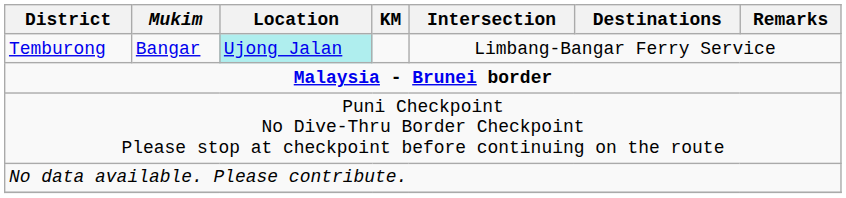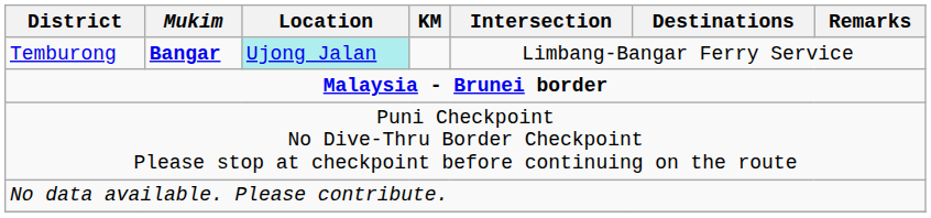 <table class="wikitable">
 <tr>
 <th>District</th>
 <th><em>Mukim</em></th>
 <th>Location</th>
 <th>KM</th>
 <th>Intersection</th>
 <th>Destinations</th>
 <th>Remarks</th>
 </tr>
 <tr>
 <td><a href='#'>Temburong</a></td>
-<td><a href='#'>Bangar</a></td>
+<td><strong><a href='#'>Bangar</a></strong></td>
 <td style="background: paleturquoise;"><a href='#'>Ujong Jalan</a></td>
 <td></td>
 <td colspan="3" style="text-align:center">Limbang-Bangar Ferry Service</td>
 </tr>
 <tr>
 <td colspan="7" style="text-align:center"><strong><a href='#'>Malaysia</a> - <a href='#'>Brunei</a> border</strong></td>
 </tr>
 <tr>
 <td colspan="7" style="text-align:center">Puni Checkpoint<br>No Dive-Thru Border Checkpoint<br>Please stop at checkpoint before continuing on the route<br> </td>
 </tr>
 <tr>
 <td style="width:600px" colspan="7" style="text-align:center"><em>No data available. Please contribute.</em></td>
 </tr>
 <tr>
 </tr>
 </table>
